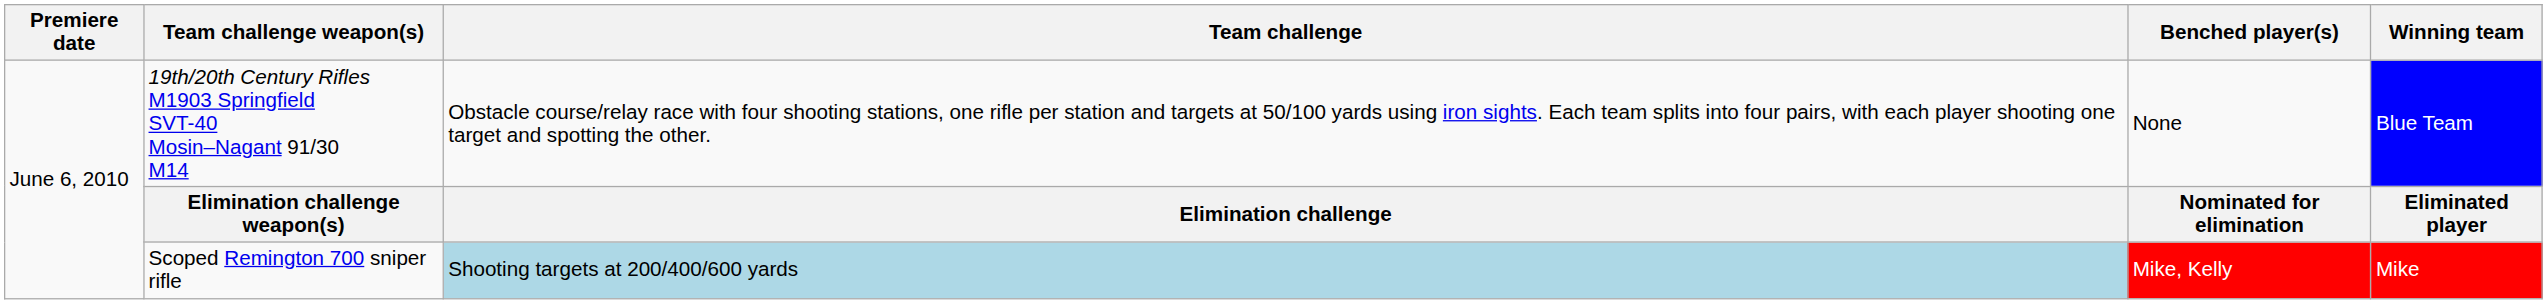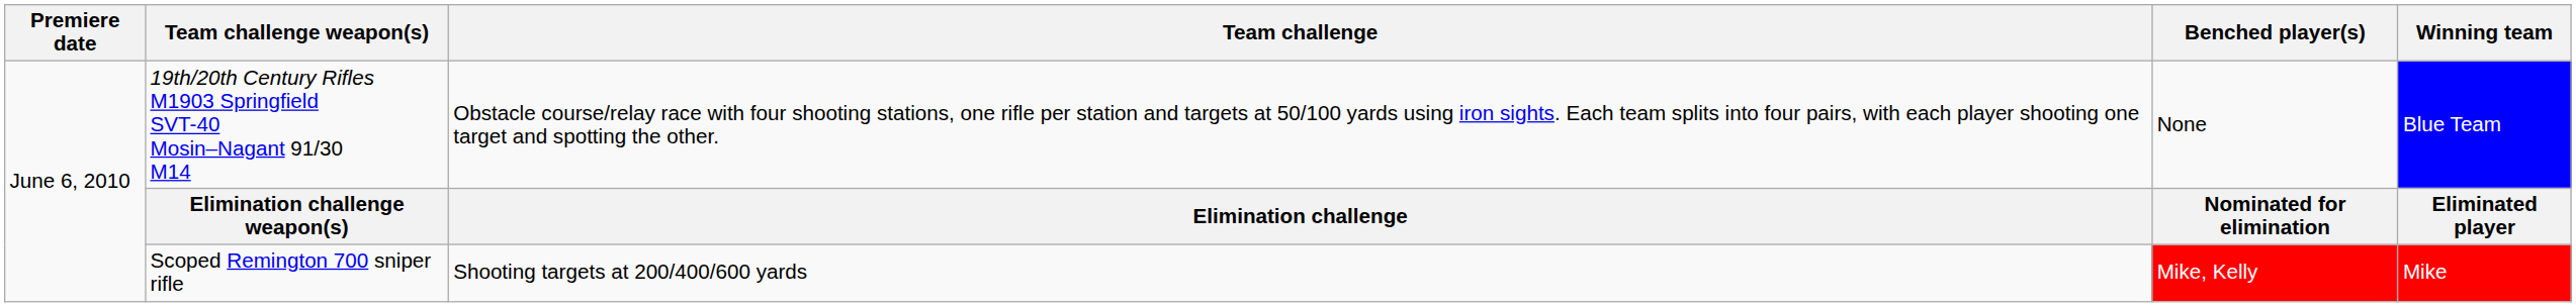 <table class="wikitable">
 <tr>
 <th>Premiere date</th>
 <th>Team challenge weapon(s)</th>
 <th>Team challenge</th>
 <th>Benched player(s)</th>
 <th>Winning team</th>
 </tr>
 <tr>
 <td rowspan="3">June 6, 2010</td>
 <td><em>19th/20th Century Rifles</em><br><a href='#'>M1903 Springfield</a><br><a href='#'>SVT-40</a><br><a href='#'>Mosin–Nagant</a> 91/30<br><a href='#'>M14</a></td>
 <td>Obstacle course/relay race with four shooting stations, one rifle per station and targets at 50/100 yards using <a href='#'>iron sights</a>. Each team splits into four pairs, with each player shooting one target and spotting the other.</td>
 <td>None</td>
 <td style="background:blue; color:white;">Blue Team</td>
 </tr>
 <tr>
 <th>Elimination challenge weapon(s)</th>
 <th>Elimination challenge</th>
 <th>Nominated for elimination</th>
 <th>Eliminated player</th>
 </tr>
 <tr>
 <td>Scoped <a href='#'>Remington 700</a> sniper rifle</td>
-<td style="background: lightblue;">Shooting targets at 200/400/600 yards</td>
+<td>Shooting targets at 200/400/600 yards</td>
 <td style="background:red; color:white;">Mike, Kelly</td>
 <td style="background:red; color:white;">Mike</td>
 </tr>
 </table>
